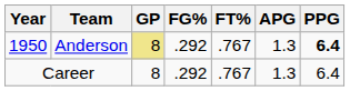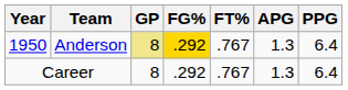 <table class="wikitable sortable" style="font-size:95%; text-align:right;">
 <tr>
 <th>Year</th>
 <th>Team</th>
 <th>GP</th>
 <th>FG%</th>
 <th>FT%</th>
 <th>APG</th>
 <th>PPG</th>
 </tr>
 <tr>
 <td style="text-align:left;"><a href='#'>1950</a></td>
 <td style="text-align:left;"><a href='#'>Anderson</a></td>
 <td style="background: khaki;">8</td>
-<td>.292</td>
+<td style="background: gold;">.292</td>
 <td>.767</td>
 <td>1.3</td>
-<td><strong>6.4</strong></td>
+<td>6.4</td>
 </tr>
 <tr class="sortbottom">
 <td colspan="2" style="text-align:center;">Career</td>
 <td>8</td>
 <td>.292</td>
 <td>.767</td>
 <td>1.3</td>
 <td>6.4</td>
 </tr>
 </table>
